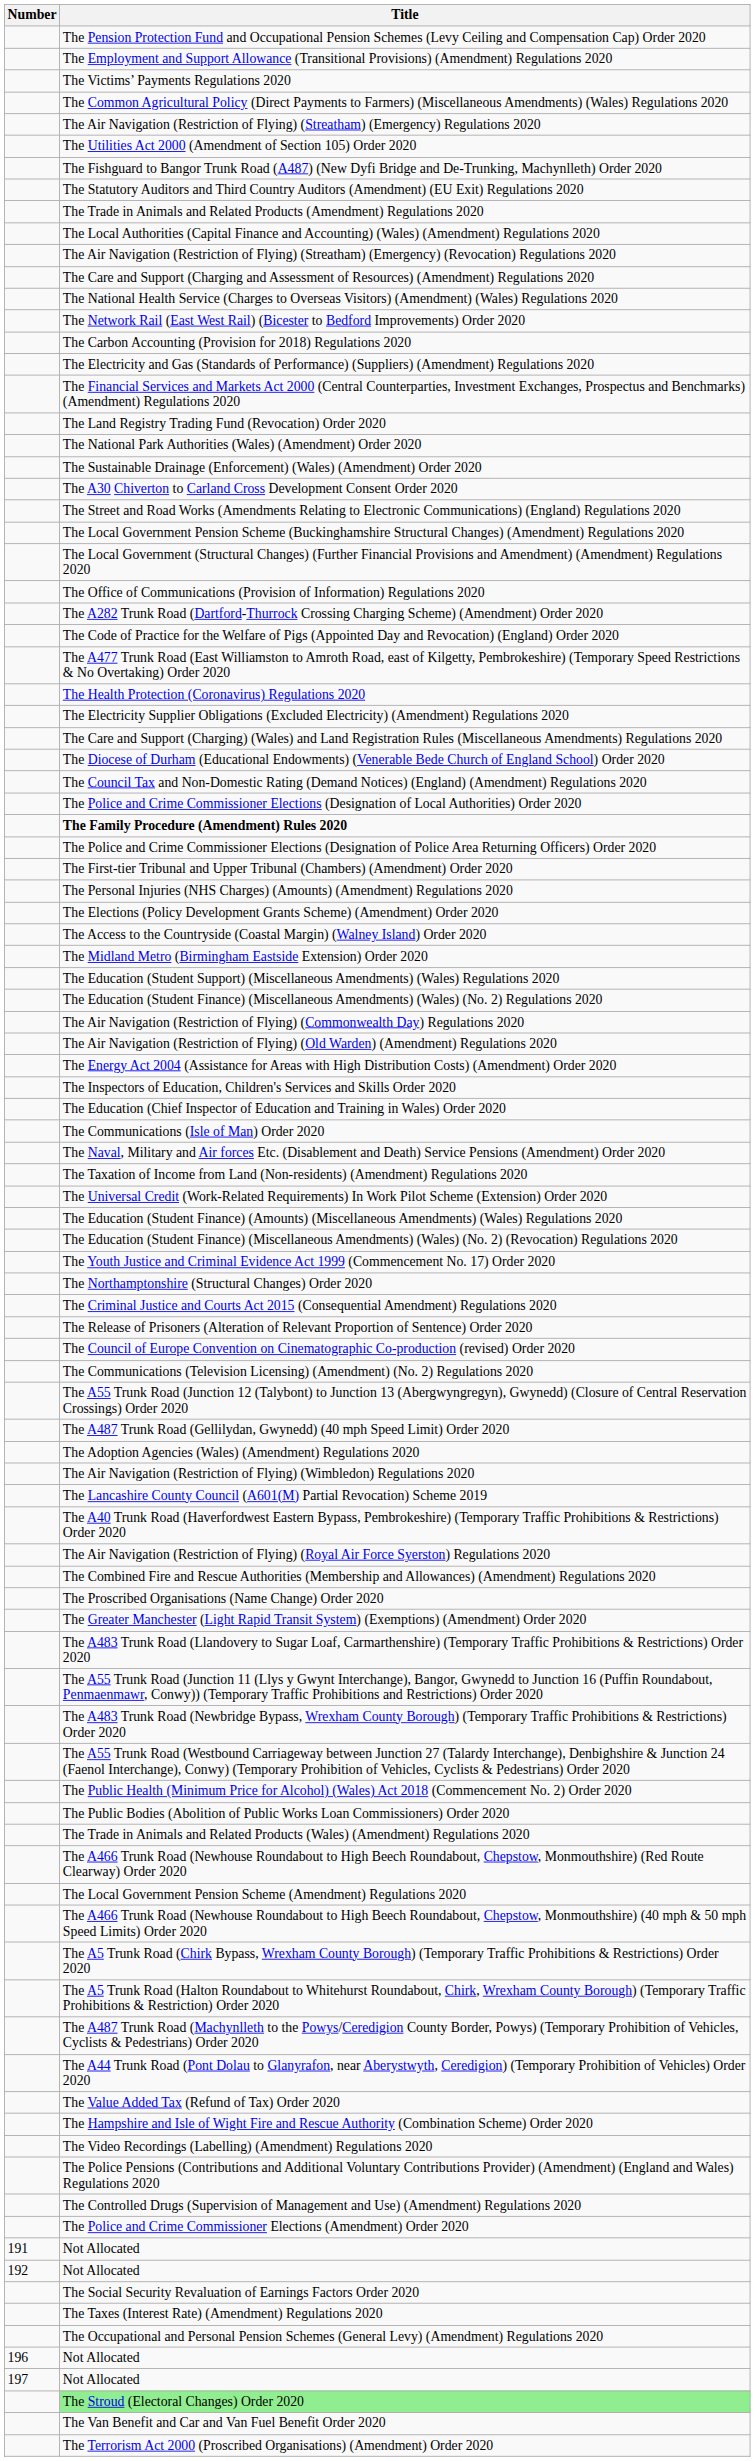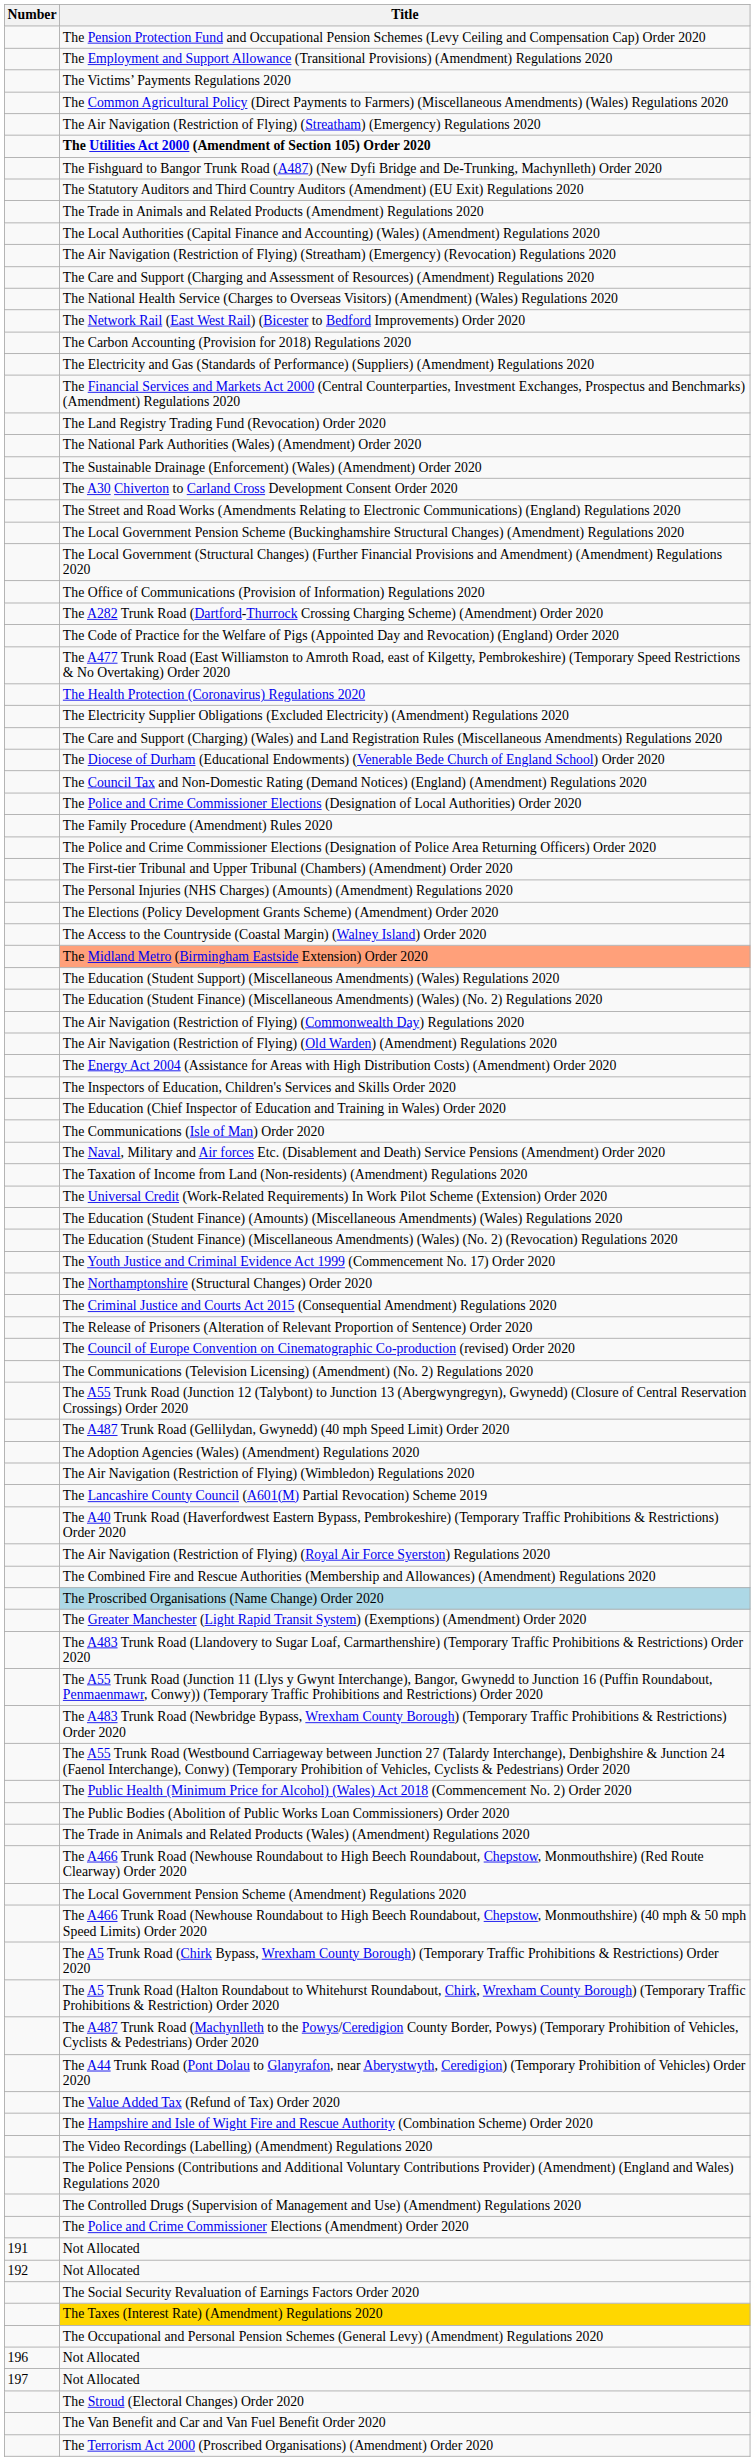 <table class="wikitable collapsible collapsed">
 <tr>
 <th>Number</th>
 <th>Title</th>
 </tr>
 <tr>
 <td></td>
 <td>The <a href='#'>Pension Protection Fund</a> and Occupational Pension Schemes (Levy Ceiling and Compensation Cap) Order 2020</td>
 </tr>
 <tr>
 <td></td>
 <td>The <a href='#'>Employment and Support Allowance</a> (Transitional Provisions) (Amendment) Regulations 2020</td>
 </tr>
 <tr>
 <td></td>
 <td>The Victims’ Payments Regulations 2020</td>
 </tr>
 <tr>
 <td></td>
 <td>The <a href='#'>Common Agricultural Policy</a> (Direct Payments to Farmers) (Miscellaneous Amendments) (Wales) Regulations 2020</td>
 </tr>
 <tr>
 <td></td>
 <td>The Air Navigation (Restriction of Flying) (<a href='#'>Streatham</a>) (Emergency) Regulations 2020</td>
 </tr>
 <tr>
 <td></td>
-<td>The <a href='#'>Utilities Act 2000</a> (Amendment of Section 105) Order 2020</td>
+<td><strong>The <a href='#'>Utilities Act 2000</a> (Amendment of Section 105) Order 2020</strong></td>
 </tr>
 <tr>
 <td></td>
 <td>The Fishguard to Bangor Trunk Road (<a href='#'>A487</a>) (New Dyfi Bridge and De-Trunking, Machynlleth) Order 2020</td>
 </tr>
 <tr>
 <td></td>
 <td>The Statutory Auditors and Third Country Auditors (Amendment) (EU Exit) Regulations 2020</td>
 </tr>
 <tr>
 <td></td>
 <td>The Trade in Animals and Related Products (Amendment) Regulations 2020</td>
 </tr>
 <tr>
 <td></td>
 <td>The Local Authorities (Capital Finance and Accounting) (Wales) (Amendment) Regulations 2020</td>
 </tr>
 <tr>
 <td></td>
 <td>The Air Navigation (Restriction of Flying) (Streatham) (Emergency) (Revocation) Regulations 2020</td>
 </tr>
 <tr>
 <td></td>
 <td>The Care and Support (Charging and Assessment of Resources) (Amendment) Regulations 2020</td>
 </tr>
 <tr>
 <td></td>
 <td>The National Health Service (Charges to Overseas Visitors) (Amendment) (Wales) Regulations 2020</td>
 </tr>
 <tr>
 <td></td>
 <td>The <a href='#'>Network Rail</a> (<a href='#'>East West Rail</a>) (<a href='#'>Bicester</a> to <a href='#'>Bedford</a> Improvements) Order 2020</td>
 </tr>
 <tr>
 <td></td>
 <td>The Carbon Accounting (Provision for 2018) Regulations 2020</td>
 </tr>
 <tr>
 <td></td>
 <td>The Electricity and Gas (Standards of Performance) (Suppliers) (Amendment) Regulations 2020</td>
 </tr>
 <tr>
 <td></td>
 <td>The <a href='#'>Financial Services and Markets Act 2000</a> (Central Counterparties, Investment Exchanges, Prospectus and Benchmarks) (Amendment) Regulations 2020</td>
 </tr>
 <tr>
 <td></td>
 <td>The Land Registry Trading Fund (Revocation) Order 2020</td>
 </tr>
 <tr>
 <td></td>
 <td>The National Park Authorities (Wales) (Amendment) Order 2020</td>
 </tr>
 <tr>
 <td></td>
 <td>The Sustainable Drainage (Enforcement) (Wales) (Amendment) Order 2020</td>
 </tr>
 <tr>
 <td></td>
 <td>The <a href='#'>A30</a> <a href='#'>Chiverton</a> to <a href='#'>Carland Cross</a> Development Consent Order 2020</td>
 </tr>
 <tr>
 <td></td>
 <td>The Street and Road Works (Amendments Relating to Electronic Communications) (England) Regulations 2020</td>
 </tr>
 <tr>
 <td></td>
 <td>The Local Government Pension Scheme (Buckinghamshire Structural Changes) (Amendment) Regulations 2020</td>
 </tr>
 <tr>
 <td></td>
 <td>The Local Government (Structural Changes) (Further Financial Provisions and Amendment) (Amendment) Regulations 2020</td>
 </tr>
 <tr>
 <td></td>
 <td>The Office of Communications (Provision of Information) Regulations 2020</td>
 </tr>
 <tr>
 <td></td>
 <td>The <a href='#'>A282</a> Trunk Road (<a href='#'>Dartford</a>-<a href='#'>Thurrock</a> Crossing Charging Scheme) (Amendment) Order 2020</td>
 </tr>
 <tr>
 <td></td>
 <td>The Code of Practice for the Welfare of Pigs (Appointed Day and Revocation) (England) Order 2020</td>
 </tr>
 <tr>
 <td></td>
 <td>The <a href='#'>A477</a> Trunk Road (East Williamston to Amroth Road, east of Kilgetty, Pembrokeshire) (Temporary Speed Restrictions & No Overtaking) Order 2020</td>
 </tr>
 <tr>
 <td></td>
 <td><a href='#'>The Health Protection (Coronavirus) Regulations 2020</a></td>
 </tr>
 <tr>
 <td></td>
 <td>The Electricity Supplier Obligations (Excluded Electricity) (Amendment) Regulations 2020</td>
 </tr>
 <tr>
 <td></td>
 <td>The Care and Support (Charging) (Wales) and Land Registration Rules (Miscellaneous Amendments) Regulations 2020</td>
 </tr>
 <tr>
 <td></td>
 <td>The <a href='#'>Diocese of Durham</a> (Educational Endowments) (<a href='#'>Venerable Bede Church of England School</a>) Order 2020</td>
 </tr>
 <tr>
 <td></td>
 <td>The <a href='#'>Council Tax</a> and Non-Domestic Rating (Demand Notices) (England) (Amendment) Regulations 2020</td>
 </tr>
 <tr>
 <td></td>
 <td>The <a href='#'>Police and Crime Commissioner Elections</a> (Designation of Local Authorities) Order 2020</td>
 </tr>
 <tr>
 <td></td>
-<td><strong>The Family Procedure (Amendment) Rules 2020</strong></td>
+<td>The Family Procedure (Amendment) Rules 2020</td>
 </tr>
 <tr>
 <td></td>
 <td>The Police and Crime Commissioner Elections (Designation of Police Area Returning Officers) Order 2020</td>
 </tr>
 <tr>
 <td></td>
 <td>The First-tier Tribunal and Upper Tribunal (Chambers) (Amendment) Order 2020</td>
 </tr>
 <tr>
 <td></td>
 <td>The Personal Injuries (NHS Charges) (Amounts) (Amendment) Regulations 2020</td>
 </tr>
 <tr>
 <td></td>
 <td>The Elections (Policy Development Grants Scheme) (Amendment) Order 2020</td>
 </tr>
 <tr>
 <td></td>
 <td>The Access to the Countryside (Coastal Margin) (<a href='#'>Walney Island</a>) Order 2020</td>
 </tr>
 <tr>
 <td></td>
-<td>The <a href='#'>Midland Metro</a> (<a href='#'>Birmingham Eastside</a> Extension) Order 2020</td>
+<td style="background: lightsalmon;">The <a href='#'>Midland Metro</a> (<a href='#'>Birmingham Eastside</a> Extension) Order 2020</td>
 </tr>
 <tr>
 <td></td>
 <td>The Education (Student Support) (Miscellaneous Amendments) (Wales) Regulations 2020</td>
 </tr>
 <tr>
 <td></td>
 <td>The Education (Student Finance) (Miscellaneous Amendments) (Wales) (No. 2) Regulations 2020</td>
 </tr>
 <tr>
 <td></td>
 <td>The Air Navigation (Restriction of Flying) (<a href='#'>Commonwealth Day</a>) Regulations 2020</td>
 </tr>
 <tr>
 <td></td>
 <td>The Air Navigation (Restriction of Flying) (<a href='#'>Old Warden</a>) (Amendment) Regulations 2020</td>
 </tr>
 <tr>
 <td></td>
 <td>The <a href='#'>Energy Act 2004</a> (Assistance for Areas with High Distribution Costs) (Amendment) Order 2020</td>
 </tr>
 <tr>
 <td></td>
 <td>The Inspectors of Education, Children's Services and Skills Order 2020</td>
 </tr>
 <tr>
 <td></td>
 <td>The Education (Chief Inspector of Education and Training in Wales) Order 2020</td>
 </tr>
 <tr>
 <td></td>
 <td>The Communications (<a href='#'>Isle of Man</a>) Order 2020</td>
 </tr>
 <tr>
 <td></td>
 <td>The <a href='#'>Naval</a>, Military and <a href='#'>Air forces</a> Etc. (Disablement and Death) Service Pensions (Amendment) Order 2020</td>
 </tr>
 <tr>
 <td></td>
 <td>The Taxation of Income from Land (Non-residents) (Amendment) Regulations 2020</td>
 </tr>
 <tr>
 <td></td>
 <td>The <a href='#'>Universal Credit</a> (Work-Related Requirements) In Work Pilot Scheme (Extension) Order 2020</td>
 </tr>
 <tr>
 <td></td>
 <td>The Education (Student Finance) (Amounts) (Miscellaneous Amendments) (Wales) Regulations 2020</td>
 </tr>
 <tr>
 <td></td>
 <td>The Education (Student Finance) (Miscellaneous Amendments) (Wales) (No. 2) (Revocation) Regulations 2020</td>
 </tr>
 <tr>
 <td></td>
 <td>The <a href='#'>Youth Justice and Criminal Evidence Act 1999</a> (Commencement No. 17) Order 2020</td>
 </tr>
 <tr>
 <td></td>
 <td>The <a href='#'>Northamptonshire</a> (Structural Changes) Order 2020</td>
 </tr>
 <tr>
 <td></td>
 <td>The <a href='#'>Criminal Justice and Courts Act 2015</a> (Consequential Amendment) Regulations 2020</td>
 </tr>
 <tr>
 <td></td>
 <td>The Release of Prisoners (Alteration of Relevant Proportion of Sentence) Order 2020</td>
 </tr>
 <tr>
 <td></td>
 <td>The <a href='#'>Council of Europe Convention on Cinematographic Co-production</a> (revised) Order 2020</td>
 </tr>
 <tr>
 <td></td>
 <td>The Communications (Television Licensing) (Amendment) (No. 2) Regulations 2020</td>
 </tr>
 <tr>
 <td></td>
 <td>The <a href='#'>A55</a> Trunk Road (Junction 12 (Talybont) to Junction 13 (Abergwyngregyn), Gwynedd) (Closure of Central Reservation Crossings) Order 2020</td>
 </tr>
 <tr>
 <td></td>
 <td>The <a href='#'>A487</a> Trunk Road (Gellilydan, Gwynedd) (40 mph Speed Limit) Order 2020</td>
 </tr>
 <tr>
 <td></td>
 <td>The Adoption Agencies (Wales) (Amendment) Regulations 2020</td>
 </tr>
 <tr>
 <td></td>
 <td>The Air Navigation (Restriction of Flying) (Wimbledon) Regulations 2020</td>
 </tr>
 <tr>
 <td></td>
 <td>The <a href='#'>Lancashire County Council</a> (<a href='#'>A601(M)</a> Partial Revocation) Scheme 2019</td>
 </tr>
 <tr>
 <td></td>
 <td>The <a href='#'>A40</a> Trunk Road (Haverfordwest Eastern Bypass, Pembrokeshire) (Temporary Traffic Prohibitions & Restrictions) Order 2020</td>
 </tr>
 <tr>
 <td></td>
 <td>The Air Navigation (Restriction of Flying) (<a href='#'>Royal Air Force Syerston</a>) Regulations 2020</td>
 </tr>
 <tr>
 <td></td>
 <td>The Combined Fire and Rescue Authorities (Membership and Allowances) (Amendment) Regulations 2020</td>
 </tr>
 <tr>
 <td></td>
-<td>The Proscribed Organisations (Name Change) Order 2020</td>
+<td style="background: lightblue;">The Proscribed Organisations (Name Change) Order 2020</td>
 </tr>
 <tr>
 <td></td>
 <td>The <a href='#'>Greater Manchester</a> (<a href='#'>Light Rapid Transit System</a>) (Exemptions) (Amendment) Order 2020</td>
 </tr>
 <tr>
 <td></td>
 <td>The <a href='#'>A483</a> Trunk Road (Llandovery to Sugar Loaf, Carmarthenshire) (Temporary Traffic Prohibitions & Restrictions) Order 2020</td>
 </tr>
 <tr>
 <td></td>
 <td>The <a href='#'>A55</a> Trunk Road (Junction 11 (Llys y Gwynt Interchange), Bangor, Gwynedd to Junction 16 (Puffin Roundabout, <a href='#'>Penmaenmawr</a>, Conwy)) (Temporary Traffic Prohibitions and Restrictions) Order 2020</td>
 </tr>
 <tr>
 <td></td>
 <td>The <a href='#'>A483</a> Trunk Road (Newbridge Bypass, <a href='#'>Wrexham County Borough</a>) (Temporary Traffic Prohibitions & Restrictions) Order 2020</td>
 </tr>
 <tr>
 <td></td>
 <td>The <a href='#'>A55</a> Trunk Road (Westbound Carriageway between Junction 27 (Talardy Interchange), Denbighshire & Junction 24 (Faenol Interchange), Conwy) (Temporary Prohibition of Vehicles, Cyclists & Pedestrians) Order 2020</td>
 </tr>
 <tr>
 <td></td>
 <td>The <a href='#'>Public Health (Minimum Price for Alcohol) (Wales) Act 2018</a> (Commencement No. 2) Order 2020</td>
 </tr>
 <tr>
 <td></td>
 <td>The Public Bodies (Abolition of Public Works Loan Commissioners) Order 2020</td>
 </tr>
 <tr>
 <td></td>
 <td>The Trade in Animals and Related Products (Wales) (Amendment) Regulations 2020</td>
 </tr>
 <tr>
 <td></td>
 <td>The <a href='#'>A466</a> Trunk Road (Newhouse Roundabout to High Beech Roundabout, <a href='#'>Chepstow</a>, Monmouthshire) (Red Route Clearway) Order 2020</td>
 </tr>
 <tr>
 <td></td>
 <td>The Local Government Pension Scheme (Amendment) Regulations 2020</td>
 </tr>
 <tr>
 <td></td>
 <td>The <a href='#'>A466</a> Trunk Road (Newhouse Roundabout to High Beech Roundabout, <a href='#'>Chepstow</a>, Monmouthshire) (40 mph & 50 mph Speed Limits) Order 2020</td>
 </tr>
 <tr>
 <td></td>
 <td>The <a href='#'>A5</a> Trunk Road (<a href='#'>Chirk</a> Bypass, <a href='#'>Wrexham County Borough</a>) (Temporary Traffic Prohibitions & Restrictions) Order 2020</td>
 </tr>
 <tr>
 <td></td>
 <td>The <a href='#'>A5</a> Trunk Road (Halton Roundabout to Whitehurst Roundabout, <a href='#'>Chirk</a>, <a href='#'>Wrexham County Borough</a>) (Temporary Traffic Prohibitions & Restriction) Order 2020</td>
 </tr>
 <tr>
 <td></td>
 <td>The <a href='#'>A487</a> Trunk Road (<a href='#'>Machynlleth</a> to the <a href='#'>Powys</a>/<a href='#'>Ceredigion</a> County Border, Powys) (Temporary Prohibition of Vehicles, Cyclists & Pedestrians) Order 2020</td>
 </tr>
 <tr>
 <td></td>
 <td>The <a href='#'>A44</a> Trunk Road (<a href='#'>Pont Dolau</a> to <a href='#'>Glanyrafon</a>, near <a href='#'>Aberystwyth</a>, <a href='#'>Ceredigion</a>) (Temporary Prohibition of Vehicles) Order 2020</td>
 </tr>
 <tr>
 <td></td>
 <td>The <a href='#'>Value Added Tax</a> (Refund of Tax) Order 2020</td>
 </tr>
 <tr>
 <td></td>
 <td>The <a href='#'>Hampshire and Isle of Wight Fire and Rescue Authority</a> (Combination Scheme) Order 2020</td>
 </tr>
 <tr>
 <td></td>
 <td>The Video Recordings (Labelling) (Amendment) Regulations 2020</td>
 </tr>
 <tr>
 <td></td>
 <td>The Police Pensions (Contributions and Additional Voluntary Contributions Provider) (Amendment) (England and Wales) Regulations 2020</td>
 </tr>
 <tr>
 <td></td>
 <td>The Controlled Drugs (Supervision of Management and Use) (Amendment) Regulations 2020</td>
 </tr>
 <tr>
 <td></td>
 <td>The <a href='#'>Police and Crime Commissioner</a> Elections (Amendment) Order 2020</td>
 </tr>
 <tr>
 <td>191</td>
 <td>Not Allocated</td>
 </tr>
 <tr>
 <td>192</td>
 <td>Not Allocated</td>
 </tr>
 <tr>
 <td></td>
 <td>The Social Security Revaluation of Earnings Factors Order 2020</td>
 </tr>
 <tr>
 <td></td>
-<td>The Taxes (Interest Rate) (Amendment) Regulations 2020</td>
+<td style="background: gold;">The Taxes (Interest Rate) (Amendment) Regulations 2020</td>
 </tr>
 <tr>
 <td></td>
 <td>The Occupational and Personal Pension Schemes (General Levy) (Amendment) Regulations 2020</td>
 </tr>
 <tr>
 <td>196</td>
 <td>Not Allocated</td>
 </tr>
 <tr>
 <td>197</td>
 <td>Not Allocated</td>
 </tr>
 <tr>
 <td></td>
-<td style="background: lightgreen;">The <a href='#'>Stroud</a> (Electoral Changes) Order 2020</td>
+<td>The <a href='#'>Stroud</a> (Electoral Changes) Order 2020</td>
 </tr>
 <tr>
 <td></td>
 <td>The Van Benefit and Car and Van Fuel Benefit Order 2020</td>
 </tr>
 <tr>
 <td></td>
 <td>The <a href='#'>Terrorism Act 2000</a> (Proscribed Organisations) (Amendment) Order 2020</td>
 </tr>
 </table>
